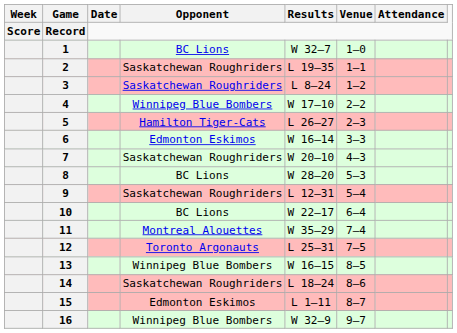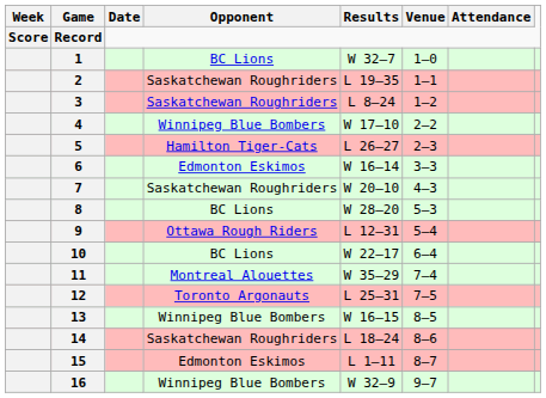 <table class="wikitable" style="text-align:center">
 <tr>
 <th>Week</th>
 <th>Game</th>
 <th>Date</th>
 <th>Opponent</th>
 <th>Results</th>
 <th>Venue</th>
 <th>Attendance</th>
 </tr>
 <tr>
 <th>Score</th>
 <th>Record</th>
 </tr>
 <tr style="background:#ddffdd">
 <th></th>
 <th>1</th>
 <td></td>
 <td><a href='#'>BC Lions</a></td>
 <td>W 32–7</td>
 <td>1–0</td>
 <td></td>
 <td></td>
 </tr>
 <tr style="background:#ffbbbb">
 <th></th>
 <th>2</th>
 <td></td>
 <td>Saskatchewan Roughriders</td>
 <td>L 19–35</td>
 <td>1–1</td>
 <td></td>
 <td></td>
 </tr>
 <tr style="background:#ffbbbb">
 <th></th>
 <th>3</th>
 <td></td>
 <td><a href='#'>Saskatchewan Roughriders</a></td>
 <td>L 8–24</td>
 <td>1–2</td>
 <td></td>
 <td></td>
 </tr>
 <tr style="background:#ddffdd">
 <th></th>
 <th>4</th>
 <td></td>
 <td><a href='#'>Winnipeg Blue Bombers</a></td>
 <td>W 17–10</td>
 <td>2–2</td>
 <td></td>
 <td></td>
 </tr>
 <tr style="background:#ffbbbb">
 <th></th>
 <th>5</th>
 <td></td>
 <td><a href='#'>Hamilton Tiger-Cats</a></td>
 <td>L 26–27</td>
 <td>2–3</td>
 <td></td>
 <td></td>
 </tr>
 <tr style="background:#ddffdd">
 <th></th>
 <th>6</th>
 <td></td>
 <td><a href='#'>Edmonton Eskimos</a></td>
 <td>W 16–14</td>
 <td>3–3</td>
 <td></td>
 <td></td>
 </tr>
 <tr style="background:#ddffdd">
 <th></th>
 <th>7</th>
 <td></td>
 <td>Saskatchewan Roughriders</td>
 <td>W 20–10</td>
 <td>4–3</td>
 <td></td>
 <td></td>
 </tr>
 <tr style="background:#ddffdd">
 <th></th>
 <th>8</th>
 <td></td>
 <td>BC Lions</td>
 <td>W 28–20</td>
 <td>5–3</td>
 <td></td>
 <td></td>
 </tr>
 <tr style="background:#ffbbbb">
 <th></th>
 <th>9</th>
 <td></td>
-<td>Saskatchewan Roughriders</td>
+<td><a href='#'>Ottawa Rough Riders</a></td>
 <td>L 12–31</td>
 <td>5–4</td>
 <td></td>
 <td></td>
 </tr>
 <tr style="background:#ddffdd">
 <th></th>
 <th>10</th>
 <td></td>
 <td>BC Lions</td>
 <td>W 22–17</td>
 <td>6–4</td>
 <td></td>
 <td></td>
 </tr>
 <tr style="background:#ddffdd">
 <th></th>
 <th>11</th>
 <td></td>
 <td><a href='#'>Montreal Alouettes</a></td>
 <td>W 35–29</td>
 <td>7–4</td>
 <td></td>
 <td></td>
 </tr>
 <tr style="background:#ffbbbb">
 <th></th>
 <th>12</th>
 <td></td>
 <td><a href='#'>Toronto Argonauts</a></td>
 <td>L 25–31</td>
 <td>7–5</td>
 <td></td>
 <td></td>
 </tr>
 <tr style="background:#ddffdd">
 <th></th>
 <th>13</th>
 <td></td>
 <td>Winnipeg Blue Bombers</td>
 <td>W 16–15</td>
 <td>8–5</td>
 <td></td>
 <td></td>
 </tr>
 <tr style="background:#ffbbbb">
 <th></th>
 <th>14</th>
 <td></td>
 <td>Saskatchewan Roughriders</td>
 <td>L 18–24</td>
 <td>8–6</td>
 <td></td>
 <td></td>
 </tr>
 <tr style="background:#ffbbbb">
 <th></th>
 <th>15</th>
 <td></td>
 <td>Edmonton Eskimos</td>
 <td>L 1–11</td>
 <td>8–7</td>
 <td></td>
 <td></td>
 </tr>
 <tr style="background:#ddffdd">
 <th></th>
 <th>16</th>
 <td></td>
 <td>Winnipeg Blue Bombers</td>
 <td>W 32–9</td>
 <td>9–7</td>
 <td></td>
 <td></td>
 </tr>
 </table>
